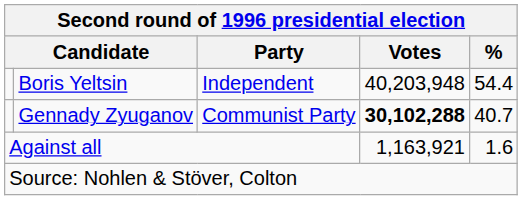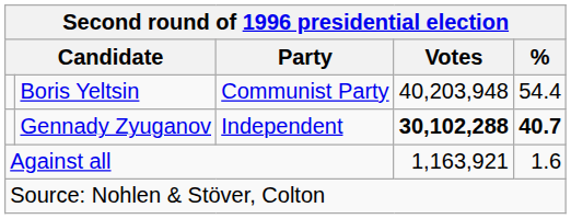 <table class=wikitable style=text-align:right>
 <tr>
 <th colspan=7>Second round of <a href='#'>1996 presidential election</a></th>
 </tr>
 <tr>
 <th colspan=2>Candidate</th>
 <th>Party</th>
 <th>Votes</th>
 <th>%</th>
 </tr>
 <tr>
 <td style="background-color: "></td>
 <td align=left><a href='#'>Boris Yeltsin</a></td>
-<td align=left><a href='#'>Independent</a></td>
+<td align=left><a href='#'>Communist Party</a></td>
 <td>40,203,948</td>
 <td>54.4</td>
 </tr>
 <tr>
 <td style="background-color: "></td>
 <td align=left><a href='#'>Gennady Zyuganov</a></td>
-<td align=left><a href='#'>Communist Party</a></td>
+<td align=left><a href='#'>Independent</a></td>
 <td><strong>30,102,288</strong></td>
-<td>40.7</td>
+<td><strong>40.7</strong></td>
 </tr>
 <tr>
 <td align=left colspan=3><a href='#'>Against all</a></td>
 <td>1,163,921</td>
 <td>1.6</td>
 </tr>
 <tr>
 <td align=left colspan=7>Source: Nohlen & Stöver, Colton</td>
 </tr>
 </table>
